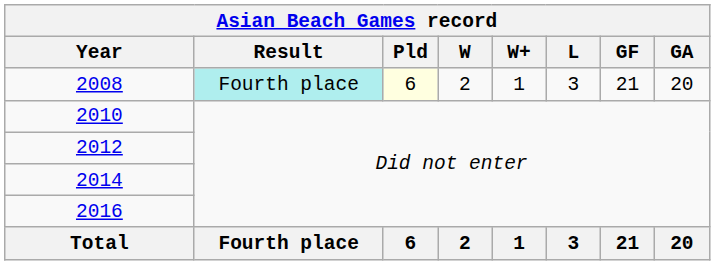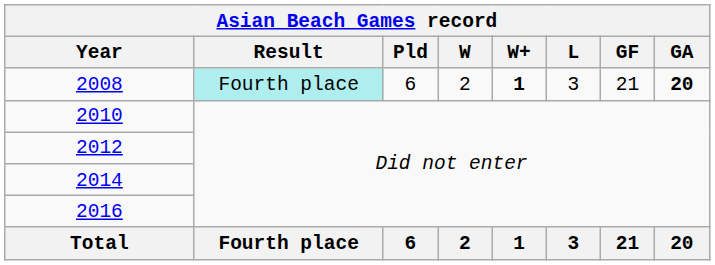 <table class="wikitable" style="text-align: center;">
 <tr>
 <th colspan="8"><a href='#'>Asian Beach Games</a> record</th>
 </tr>
 <tr>
 <th width="120">Year</th>
 <th width="120">Result</th>
 <th width="30">Pld</th>
 <th width="30">W</th>
 <th width="30">W+</th>
 <th width="30">L</th>
 <th width="30">GF</th>
 <th width="30">GA</th>
 </tr>
 <tr>
 <td> <a href='#'>2008</a></td>
 <td style="background: paleturquoise;">Fourth place</td>
-<td style="background: lightyellow;">6</td>
+<td>6</td>
 <td>2</td>
-<td>1</td>
+<td><strong>1</strong></td>
 <td>3</td>
 <td>21</td>
-<td>20</td>
+<td><strong>20</strong></td>
 </tr>
 <tr>
 <td> <a href='#'>2010</a></td>
 <td colspan="7" rowspan="4"><em>Did not enter</em></td>
 </tr>
 <tr>
 <td> <a href='#'>2012</a></td>
 </tr>
 <tr>
 <td> <a href='#'>2014</a></td>
 </tr>
 <tr>
 <td> <a href='#'>2016</a></td>
 </tr>
 <tr>
 <th>Total</th>
 <th>Fourth place</th>
 <th>6</th>
 <th>2</th>
 <th>1</th>
 <th>3</th>
 <th>21</th>
 <th>20</th>
 </tr>
 </table>
